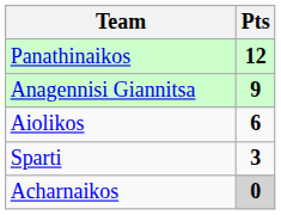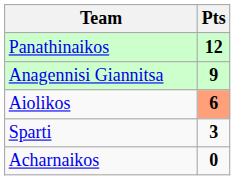 <table class="wikitable" style="text-align: center;">
 <tr>
 <th width=165>Team</th>
 <th width=20>Pts</th>
 </tr>
 <tr bgcolor="#ccffcc">
 <td align=left><a href='#'>Panathinaikos</a></td>
 <td><strong>12</strong></td>
 </tr>
 <tr bgcolor="#ccffcc">
 <td align=left><a href='#'>Anagennisi Giannitsa</a></td>
 <td><strong>9</strong></td>
 </tr>
 <tr>
 <td align=left><a href='#'>Aiolikos</a></td>
-<td><strong>6</strong></td>
+<td style="background: lightsalmon;"><strong>6</strong></td>
 </tr>
 <tr>
 <td align=left><a href='#'>Sparti</a></td>
 <td><strong>3</strong></td>
 </tr>
 <tr>
 <td align=left><a href='#'>Acharnaikos</a></td>
-<td style="background: lightgrey;"><strong>0</strong></td>
+<td><strong>0</strong></td>
 </tr>
 </table>
